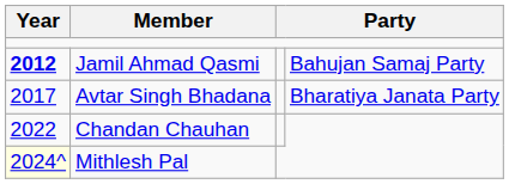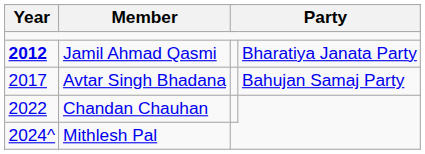 <table class="wikitable">
 <tr>
 <th>Year</th>
 <th>Member</th>
 <th colspan="2">Party</th>
 </tr>
 <tr>
 <td colspan="4"></td>
 </tr>
 <tr>
 <td><strong><a href='#'>2012</a></strong></td>
 <td><a href='#'>Jamil Ahmad Qasmi</a></td>
 <td style="background-color: "></td>
-<td><a href='#'>Bahujan Samaj Party</a></td>
+<td><a href='#'>Bharatiya Janata Party</a></td>
 </tr>
 <tr>
 <td><a href='#'>2017</a></td>
 <td><a href='#'>Avtar Singh Bhadana</a></td>
 <td style="background-color: "></td>
-<td><a href='#'>Bharatiya Janata Party</a></td>
+<td><a href='#'>Bahujan Samaj Party</a></td>
 </tr>
 <tr>
 <td><a href='#'>2022</a></td>
 <td><a href='#'>Chandan Chauhan</a></td>
 <td></td>
 </tr>
 <tr>
-<td style="background: lightyellow;"><a href='#'>2024^</a></td>
+<td><a href='#'>2024^</a></td>
 <td><a href='#'>Mithlesh Pal</a></td>
 </tr>
 </table>
